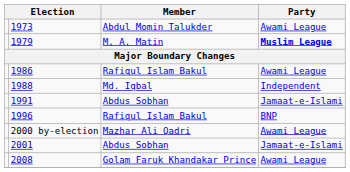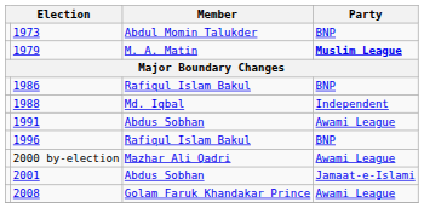 <table class="wikitable">
 <tr>
 <th colspan="2">Election</th>
 <th>Member</th>
 <th>Party</th>
 </tr>
 <tr>
 <td style="background-color:"></td>
 <td><a href='#'>1973</a></td>
 <td><a href='#'>Abdul Momin Talukder</a></td>
-<td><a href='#'>Awami League</a></td>
+<td><a href='#'>BNP</a></td>
 </tr>
 <tr>
 <td style="background-color:"></td>
 <td><a href='#'>1979</a></td>
 <td><a href='#'>M. A. Matin</a></td>
 <td><strong><a href='#'>Muslim League</a></strong></td>
 </tr>
 <tr>
 <th colspan="4">Major Boundary Changes</th>
 </tr>
 <tr>
 <td style="background-color:"></td>
 <td><a href='#'>1986</a></td>
 <td><a href='#'>Rafiqul Islam Bakul</a></td>
-<td><a href='#'>Awami League</a></td>
+<td><a href='#'>BNP</a></td>
 </tr>
 <tr>
 <td style="background-color:"></td>
 <td><a href='#'>1988</a></td>
 <td><a href='#'>Md. Iqbal</a></td>
 <td><a href='#'>Independent</a></td>
 </tr>
 <tr>
 <td style="background-color:"></td>
 <td><a href='#'>1991</a></td>
 <td><a href='#'>Abdus Sobhan</a></td>
-<td><a href='#'>Jamaat-e-Islami</a></td>
+<td><a href='#'>Awami League</a></td>
 </tr>
 <tr>
 <td style="background-color:"></td>
 <td><a href='#'>1996</a></td>
 <td><a href='#'>Rafiqul Islam Bakul</a></td>
 <td><a href='#'>BNP</a></td>
 </tr>
 <tr>
 <td style="background-color:"></td>
 <td>2000 by-election</td>
 <td><a href='#'>Mazhar Ali Qadri</a></td>
 <td><a href='#'>Awami League</a></td>
 </tr>
 <tr>
 <td style="background-color:"></td>
 <td><a href='#'>2001</a></td>
 <td><a href='#'>Abdus Sobhan</a></td>
 <td><a href='#'>Jamaat-e-Islami</a></td>
 </tr>
 <tr>
 <td style="background-color:"></td>
 <td><a href='#'>2008</a></td>
 <td><a href='#'>Golam Faruk Khandakar Prince</a></td>
 <td><a href='#'>Awami League</a></td>
 </tr>
 <tr>
 </tr>
 </table>
